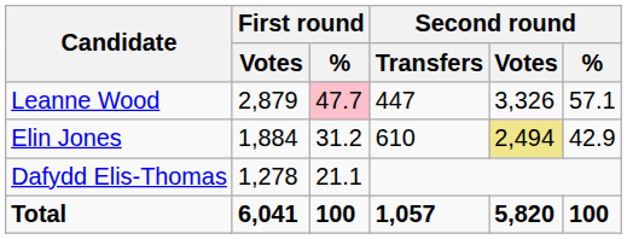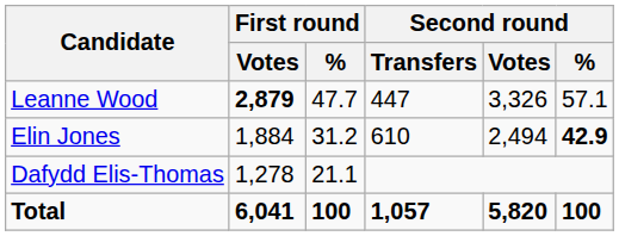 <table class=wikitable>
 <tr>
 <th rowspan="2"colspan="1">Candidate</th>
 <th colspan=2>First round</th>
 <th colspan=3>Second round</th>
 </tr>
 <tr>
 <th>Votes</th>
 <th>%</th>
 <th>Transfers</th>
 <th>Votes</th>
 <th>%</th>
 </tr>
 <tr>
 <td><a href='#'>Leanne Wood</a></td>
-<td>2,879</td>
-<td style="background: pink;">47.7</td>
+<td><strong>2,879</strong></td>
+<td>47.7</td>
 <td> 447</td>
 <td>3,326</td>
 <td>57.1</td>
 </tr>
 <tr>
 <td><a href='#'>Elin Jones</a></td>
 <td>1,884</td>
 <td>31.2</td>
 <td> 610</td>
-<td style="background: khaki;">2,494</td>
-<td>42.9</td>
+<td>2,494</td>
+<td><strong>42.9</strong></td>
 </tr>
 <tr>
 <td><a href='#'>Dafydd Elis-Thomas</a></td>
 <td>1,278</td>
 <td>21.1</td>
 <td colspan=3></td>
 </tr>
 <tr>
 <td><strong>Total</strong></td>
 <td><strong>6,041</strong></td>
 <td><strong>100</strong></td>
 <td><strong>1,057</strong></td>
 <td><strong>5,820</strong></td>
 <td><strong>100</strong></td>
 </tr>
 </table>
